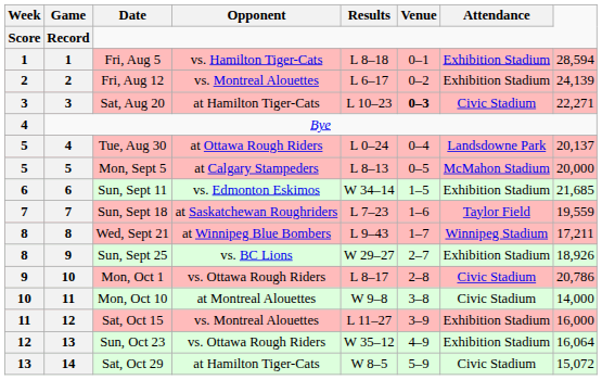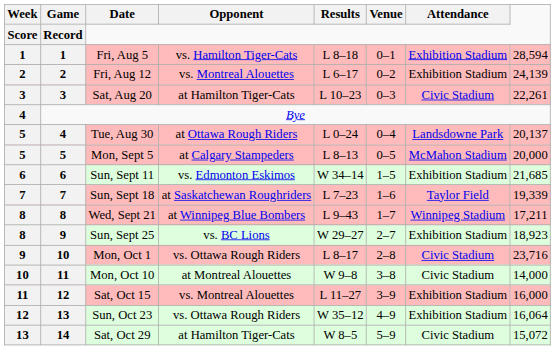 <table class="wikitable" style="text-align:center">
 <tr>
 <th>Week</th>
 <th>Game</th>
 <th>Date</th>
 <th>Opponent</th>
 <th>Results</th>
 <th>Venue</th>
 <th>Attendance</th>
 </tr>
 <tr>
 <th>Score</th>
 <th>Record</th>
 </tr>
 <tr style="background:#ffbbbb">
 <th>1</th>
 <th>1</th>
 <td>Fri, Aug 5</td>
 <td>vs. <a href='#'>Hamilton Tiger-Cats</a></td>
 <td>L 8–18</td>
 <td>0–1</td>
 <td><a href='#'>Exhibition Stadium</a></td>
 <td>28,594</td>
 </tr>
 <tr style="background:#ffbbbb">
 <th>2</th>
 <th>2</th>
 <td>Fri, Aug 12</td>
 <td>vs. <a href='#'>Montreal Alouettes</a></td>
 <td>L 6–17</td>
 <td>0–2</td>
 <td>Exhibition Stadium</td>
 <td>24,139</td>
 </tr>
 <tr style="background:#ffbbbb">
 <th>3</th>
 <th>3</th>
 <td>Sat, Aug 20</td>
 <td>at Hamilton Tiger-Cats</td>
 <td>L 10–23</td>
-<td><strong>0–3</strong></td>
+<td>0–3</td>
 <td><a href='#'>Civic Stadium</a></td>
-<td>22,271</td>
+<td>22,261</td>
 </tr>
 <tr>
 <th>4</th>
 <td colspan="7"><em><a href='#'>Bye</a></em></td>
 </tr>
 <tr style="background:#ffbbbb">
 <th>5</th>
 <th>4</th>
 <td>Tue, Aug 30</td>
 <td>at <a href='#'>Ottawa Rough Riders</a></td>
 <td>L 0–24</td>
 <td>0–4</td>
 <td><a href='#'>Landsdowne Park</a></td>
 <td>20,137</td>
 </tr>
 <tr style="background:#ffbbbb">
 <th>5</th>
 <th>5</th>
 <td>Mon, Sept 5</td>
 <td>at <a href='#'>Calgary Stampeders</a></td>
 <td>L 8–13</td>
 <td>0–5</td>
 <td><a href='#'>McMahon Stadium</a></td>
 <td>20,000</td>
 </tr>
 <tr style="background:#ddffdd">
 <th>6</th>
 <th>6</th>
 <td>Sun, Sept 11</td>
 <td>vs. <a href='#'>Edmonton Eskimos</a></td>
 <td>W 34–14</td>
 <td>1–5</td>
 <td>Exhibition Stadium</td>
 <td>21,685</td>
 </tr>
 <tr style="background:#ffbbbb">
 <th>7</th>
 <th>7</th>
 <td>Sun, Sept 18</td>
 <td>at <a href='#'>Saskatchewan Roughriders</a></td>
 <td>L 7–23</td>
 <td>1–6</td>
 <td><a href='#'>Taylor Field</a></td>
-<td>19,559</td>
+<td>19,339</td>
 </tr>
 <tr style="background:#ffbbbb">
 <th>8</th>
 <th>8</th>
 <td>Wed, Sept 21</td>
 <td>at <a href='#'>Winnipeg Blue Bombers</a></td>
 <td>L 9–43</td>
 <td>1–7</td>
 <td><a href='#'>Winnipeg Stadium</a></td>
 <td>17,211</td>
 </tr>
 <tr style="background:#ddffdd">
 <th>8</th>
 <th>9</th>
 <td>Sun, Sept 25</td>
 <td>vs. <a href='#'>BC Lions</a></td>
 <td>W 29–27</td>
 <td>2–7</td>
 <td>Exhibition Stadium</td>
-<td>18,926</td>
+<td>18,923</td>
 </tr>
 <tr style="background:#ffbbbb">
 <th>9</th>
 <th>10</th>
 <td>Mon, Oct 1</td>
 <td>vs. Ottawa Rough Riders</td>
 <td>L 8–17</td>
 <td>2–8</td>
 <td><a href='#'>Civic Stadium</a></td>
-<td>20,786</td>
+<td>23,716</td>
 </tr>
 <tr style="background:#ddffdd">
 <th>10</th>
 <th>11</th>
 <td>Mon, Oct 10</td>
 <td>at Montreal Alouettes</td>
 <td>W 9–8</td>
 <td>3–8</td>
 <td>Civic Stadium</td>
 <td>14,000</td>
 </tr>
 <tr style="background:#ffbbbb">
 <th>11</th>
 <th>12</th>
 <td>Sat, Oct 15</td>
 <td>vs. Montreal Alouettes</td>
 <td>L 11–27</td>
 <td>3–9</td>
 <td>Exhibition Stadium</td>
 <td>16,000</td>
 </tr>
 <tr style="background:#ddffdd">
 <th>12</th>
 <th>13</th>
 <td>Sun, Oct 23</td>
 <td>vs. Ottawa Rough Riders</td>
 <td>W 35–12</td>
 <td>4–9</td>
 <td>Exhibition Stadium</td>
 <td>16,064</td>
 </tr>
 <tr style="background:#ddffdd">
 <th>13</th>
 <th>14</th>
 <td>Sat, Oct 29</td>
 <td>at Hamilton Tiger-Cats</td>
 <td>W 8–5</td>
 <td>5–9</td>
 <td>Civic Stadium</td>
 <td>15,072</td>
 </tr>
 </table>
